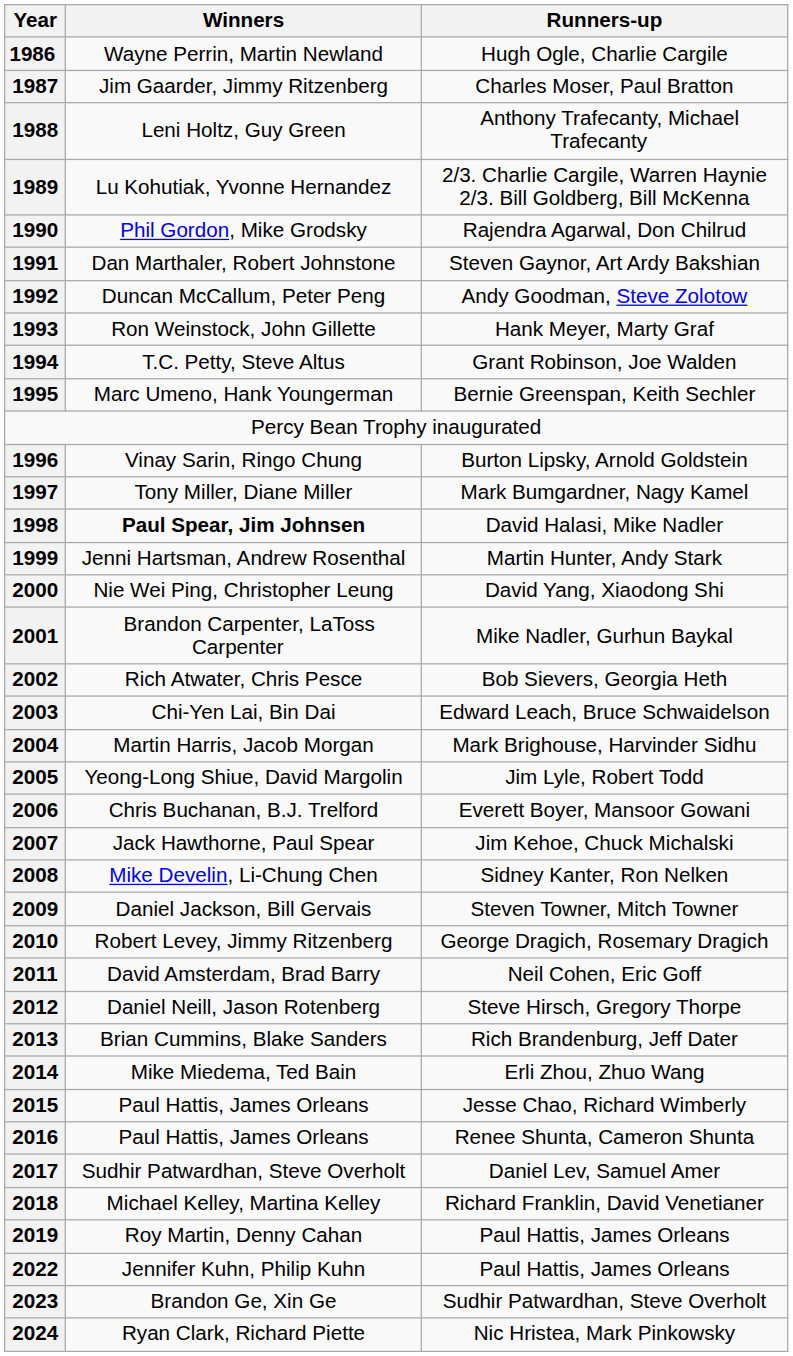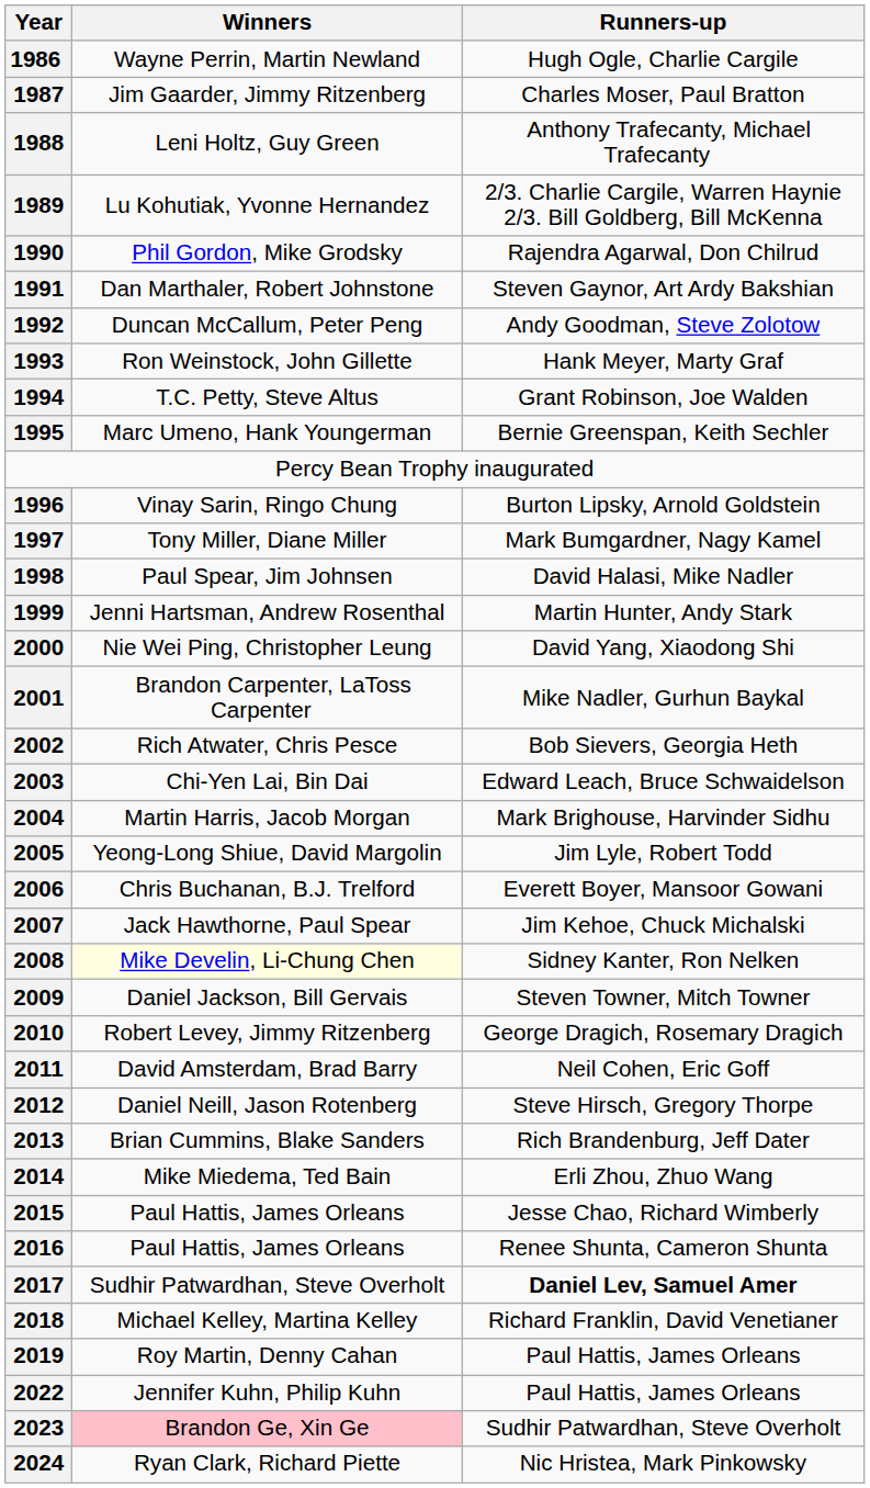 <table class="wikitable" style="text-align:center">
 <tr>
 <th>Year</th>
 <th>Winners</th>
 <th>Runners-up</th>
 </tr>
 <tr>
 <th>1986 </th>
 <td>Wayne Perrin, Martin Newland</td>
 <td>Hugh Ogle, Charlie Cargile</td>
 </tr>
 <tr>
 <th>1987</th>
 <td>Jim Gaarder, Jimmy Ritzenberg</td>
 <td>Charles Moser, Paul Bratton</td>
 </tr>
 <tr>
 <th>1988</th>
 <td>Leni Holtz, Guy Green</td>
 <td>  Anthony Trafecanty, Michael Trafecanty  </td>
 </tr>
 <tr>
 <th>1989</th>
 <td>Lu Kohutiak, Yvonne Hernandez</td>
 <td>2/3.  Charlie Cargile, Warren Haynie <br>2/3. Bill Goldberg, Bill McKenna</td>
 </tr>
 <tr>
 <th>1990</th>
 <td><a href='#'>Phil Gordon</a>, Mike Grodsky</td>
 <td>Rajendra Agarwal, Don Chilrud</td>
 </tr>
 <tr>
 <th>1991</th>
 <td>Dan Marthaler, Robert Johnstone</td>
 <td>Steven Gaynor, Art Ardy Bakshian</td>
 </tr>
 <tr>
 <th>1992</th>
 <td>Duncan McCallum, Peter Peng</td>
 <td>Andy Goodman, <a href='#'>Steve Zolotow</a></td>
 </tr>
 <tr>
 <th>1993</th>
 <td>Ron Weinstock, John Gillette</td>
 <td>Hank Meyer, Marty Graf</td>
 </tr>
 <tr>
 <th>1994</th>
 <td>T.C. Petty, Steve Altus</td>
 <td>Grant Robinson, Joe Walden</td>
 </tr>
 <tr>
 <th>1995</th>
 <td>Marc Umeno, Hank Youngerman</td>
 <td>Bernie Greenspan, Keith Sechler</td>
 </tr>
 <tr>
 <td colspan=3>Percy Bean Trophy inaugurated</td>
 </tr>
 <tr>
 <th>1996</th>
 <td>Vinay Sarin, Ringo Chung</td>
 <td>Burton Lipsky, Arnold Goldstein</td>
 </tr>
 <tr>
 <th>1997</th>
 <td>Tony Miller, Diane Miller</td>
 <td>Mark Bumgardner, Nagy Kamel</td>
 </tr>
 <tr>
 <th>1998</th>
-<td><strong>Paul Spear, Jim Johnsen</strong></td>
+<td>Paul Spear, Jim Johnsen</td>
 <td>David Halasi, Mike Nadler</td>
 </tr>
 <tr>
 <th>1999</th>
 <td>Jenni Hartsman, Andrew Rosenthal</td>
 <td>Martin Hunter, Andy Stark</td>
 </tr>
 <tr>
 <th>2000</th>
 <td>Nie Wei Ping, Christopher Leung</td>
 <td>David Yang, Xiaodong Shi</td>
 </tr>
 <tr>
 <th>2001</th>
 <td>  Brandon Carpenter, LaToss Carpenter  </td>
 <td>Mike Nadler, Gurhun Baykal</td>
 </tr>
 <tr>
 <th>2002</th>
 <td>Rich Atwater, Chris Pesce</td>
 <td>Bob Sievers, Georgia Heth</td>
 </tr>
 <tr>
 <th>2003</th>
 <td>Chi-Yen Lai, Bin Dai</td>
 <td>Edward Leach, Bruce Schwaidelson</td>
 </tr>
 <tr>
 <th>2004</th>
 <td>Martin Harris, Jacob Morgan</td>
 <td>Mark Brighouse, Harvinder Sidhu</td>
 </tr>
 <tr>
 <th>2005</th>
 <td>Yeong-Long Shiue, David Margolin</td>
 <td>Jim Lyle, Robert Todd</td>
 </tr>
 <tr>
 <th>2006</th>
 <td>Chris Buchanan, B.J. Trelford</td>
 <td>Everett Boyer, Mansoor Gowani</td>
 </tr>
 <tr>
 <th>2007</th>
 <td>Jack Hawthorne, Paul Spear</td>
 <td>Jim Kehoe, Chuck Michalski</td>
 </tr>
 <tr>
 <th>2008</th>
-<td><a href='#'>Mike Develin</a>, Li-Chung Chen</td>
+<td style="background: lightyellow;"><a href='#'>Mike Develin</a>, Li-Chung Chen</td>
 <td>Sidney Kanter, Ron Nelken</td>
 </tr>
 <tr>
 <th>2009</th>
 <td>Daniel Jackson, Bill Gervais</td>
 <td>Steven Towner, Mitch Towner</td>
 </tr>
 <tr>
 <th>2010</th>
 <td>Robert Levey, Jimmy Ritzenberg</td>
 <td>George Dragich, Rosemary Dragich</td>
 </tr>
 <tr>
 <th>2011</th>
 <td>David Amsterdam, Brad Barry</td>
 <td>Neil Cohen, Eric Goff</td>
 </tr>
 <tr>
 <th>2012</th>
 <td>Daniel Neill, Jason Rotenberg</td>
 <td>Steve Hirsch, Gregory Thorpe</td>
 </tr>
 <tr>
 <th>2013</th>
 <td>Brian Cummins, Blake Sanders</td>
 <td>Rich Brandenburg, Jeff Dater</td>
 </tr>
 <tr>
 <th>2014</th>
 <td>Mike Miedema, Ted Bain</td>
 <td>Erli Zhou, Zhuo Wang</td>
 </tr>
 <tr>
 <th>2015</th>
 <td>Paul Hattis, James Orleans</td>
 <td>Jesse Chao, Richard Wimberly</td>
 </tr>
 <tr>
 <th>2016</th>
 <td>Paul Hattis, James Orleans</td>
 <td>Renee Shunta, Cameron Shunta</td>
 </tr>
 <tr>
 <th>2017</th>
 <td>Sudhir Patwardhan, Steve Overholt</td>
-<td>Daniel Lev, Samuel Amer</td>
+<td><strong>Daniel Lev, Samuel Amer</strong></td>
 </tr>
 <tr>
 <th>2018</th>
 <td>Michael Kelley, Martina Kelley</td>
 <td>Richard Franklin, David Venetianer</td>
 </tr>
 <tr>
 <th>2019</th>
 <td>Roy Martin, Denny Cahan</td>
 <td>Paul Hattis, James Orleans</td>
 </tr>
 <tr>
 <th>2022</th>
 <td>Jennifer Kuhn, Philip Kuhn</td>
 <td>Paul Hattis, James Orleans</td>
 </tr>
 <tr>
 <th>2023</th>
-<td>Brandon Ge, Xin Ge</td>
+<td style="background: pink;">Brandon Ge, Xin Ge</td>
 <td>Sudhir Patwardhan, Steve Overholt</td>
 </tr>
 <tr>
 <th>2024</th>
 <td>Ryan Clark, Richard Piette</td>
 <td>Nic Hristea, Mark Pinkowsky</td>
 </tr>
 </table>
